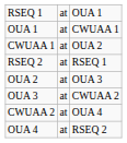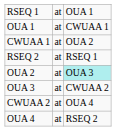 <table class="wikitable" style="margin:1em; clear:right; text-align:left; line-height:normal;">
 <tr>
 <td>RSEQ 1</td>
 <td>at</td>
 <td>OUA 1</td>
 </tr>
 <tr>
 <td>OUA 1</td>
 <td>at</td>
 <td>CWUAA 1</td>
 </tr>
 <tr>
 <td>CWUAA 1</td>
 <td>at</td>
 <td>OUA 2</td>
 </tr>
 <tr>
 <td>RSEQ 2</td>
 <td>at</td>
 <td>RSEQ 1</td>
 </tr>
 <tr>
 <td>OUA 2</td>
 <td>at</td>
-<td>OUA 3</td>
+<td style="background: paleturquoise;">OUA 3</td>
 </tr>
 <tr>
 <td>OUA 3</td>
 <td>at</td>
 <td>CWUAA 2</td>
 </tr>
 <tr>
 <td>CWUAA 2</td>
 <td>at</td>
 <td>OUA 4</td>
 </tr>
 <tr>
 <td>OUA 4</td>
 <td>at</td>
 <td>RSEQ 2</td>
 </tr>
 </table>
